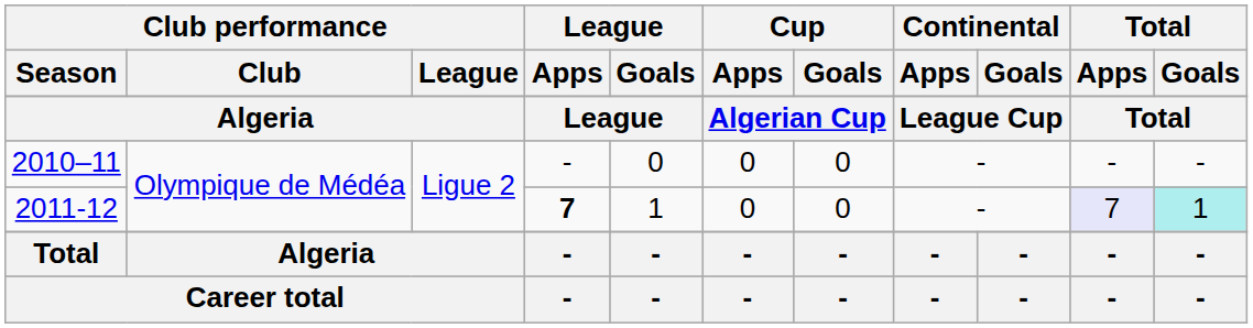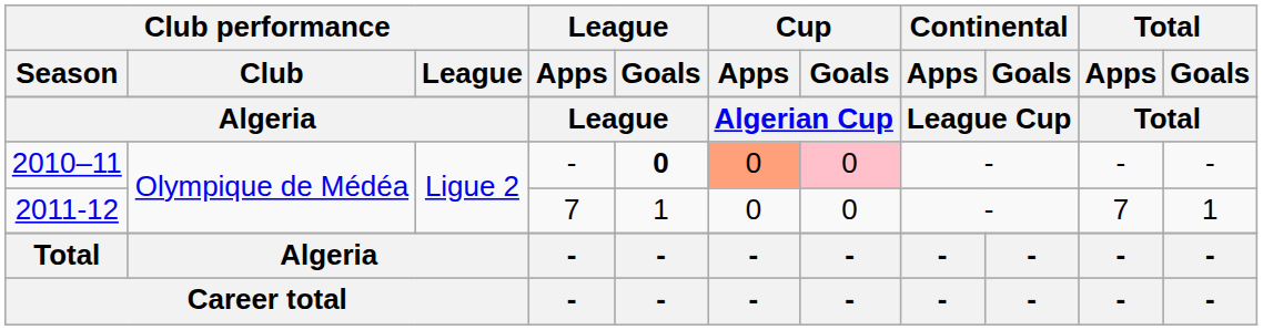 <table class="wikitable" style="text-align:center">
 <tr>
 <th colspan=3>Club performance</th>
 <th colspan=2>League</th>
 <th colspan=2>Cup</th>
 <th colspan=2>Continental</th>
 <th colspan=2>Total</th>
 </tr>
 <tr>
 <th>Season</th>
 <th>Club</th>
 <th>League</th>
 <th>Apps</th>
 <th>Goals</th>
 <th>Apps</th>
 <th>Goals</th>
 <th>Apps</th>
 <th>Goals</th>
 <th>Apps</th>
 <th>Goals</th>
 </tr>
 <tr>
 </tr>
 <tr>
 <th colspan=3>Algeria</th>
 <th colspan=2>League</th>
 <th colspan=2><a href='#'>Algerian Cup</a></th>
 <th colspan=2>League Cup</th>
 <th colspan=2>Total</th>
 </tr>
 <tr>
 <td><a href='#'>2010–11</a></td>
 <td rowspan="2"><a href='#'>Olympique de Médéa</a></td>
 <td rowspan="2"><a href='#'>Ligue 2</a></td>
 <td>-</td>
-<td>0</td>
-<td>0</td>
-<td>0</td>
+<td><strong>0</strong></td>
+<td style="background: lightsalmon;">0</td>
+<td style="background: pink;">0</td>
 <td colspan="2">-</td>
 <td>-</td>
 <td>-</td>
 </tr>
 <tr>
 <td><a href='#'>2011-12</a></td>
-<td><strong>7</strong></td>
+<td>7</td>
 <td>1</td>
 <td>0</td>
 <td>0</td>
 <td colspan="2">-</td>
-<td style="background: lavender;">7</td>
-<td style="background: paleturquoise;">1</td>
+<td>7</td>
+<td>1</td>
 </tr>
 <tr>
 </tr>
 <tr>
 <th rowspan=1>Total</th>
 <th colspan=2>Algeria</th>
 <th>-</th>
 <th>-</th>
 <th>-</th>
 <th>-</th>
 <th>-</th>
 <th>-</th>
 <th>-</th>
 <th>-</th>
 </tr>
 <tr>
 <th colspan=3>Career total</th>
 <th>-</th>
 <th>-</th>
 <th>-</th>
 <th>-</th>
 <th>-</th>
 <th>-</th>
 <th>-</th>
 <th>-</th>
 </tr>
 </table>
